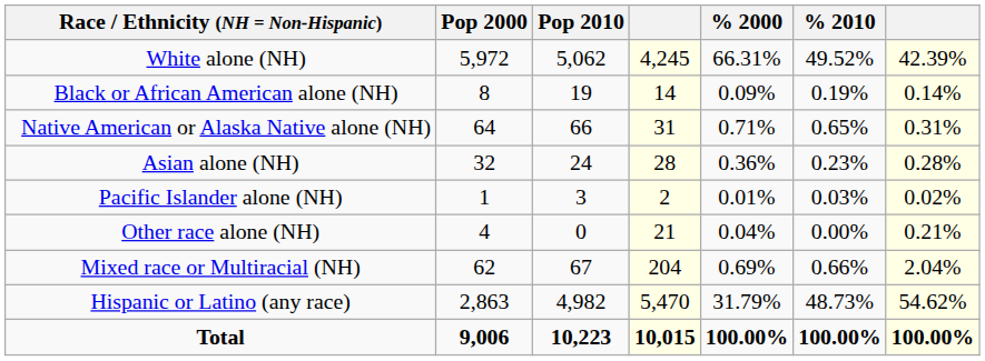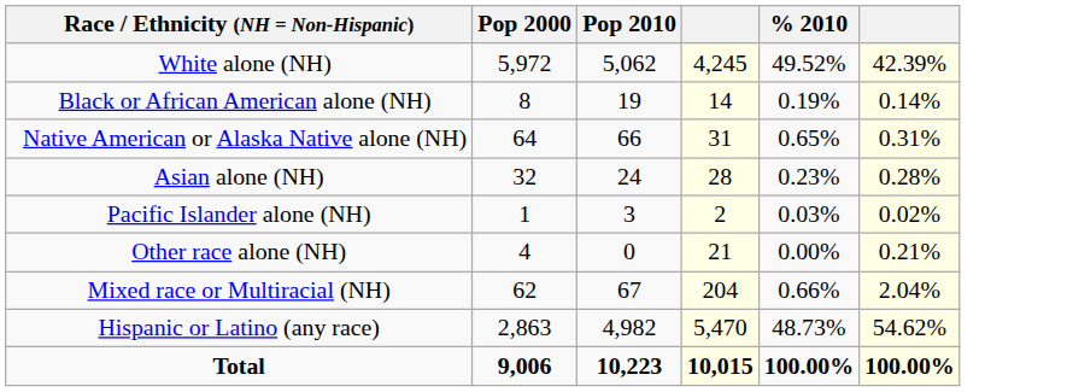 <table class="wikitable" style="text-align:center;">
 <tr>
 <th>Race / Ethnicity <small>(<em>NH = Non-Hispanic</em>)</small></th>
 <th>Pop 2000</th>
 <th>Pop 2010</th>
 <th></th>
-<th>% 2000</th>
 <th>% 2010</th>
 <th></th>
 </tr>
 <tr>
 <td>  <a href='#'>White</a> alone (NH)</td>
 <td>5,972</td>
 <td>5,062</td>
 <td style='background: #ffffe6;'>4,245</td>
-<td>66.31%</td>
 <td>49.52%</td>
 <td style='background: #ffffe6;'>42.39%</td>
 </tr>
 <tr>
 <td>  <a href='#'>Black or African American</a> alone (NH)</td>
 <td>8</td>
 <td>19</td>
 <td style='background: #ffffe6;'>14</td>
-<td>0.09%</td>
 <td>0.19%</td>
 <td style='background: #ffffe6;'>0.14%</td>
 </tr>
 <tr>
 <td>  <a href='#'>Native American</a> or <a href='#'>Alaska Native</a> alone (NH)</td>
 <td>64</td>
 <td>66</td>
 <td style='background: #ffffe6;'>31</td>
-<td>0.71%</td>
 <td>0.65%</td>
 <td style='background: #ffffe6;'>0.31%</td>
 </tr>
 <tr>
 <td><a href='#'>Asian</a> alone (NH)</td>
 <td>32</td>
 <td>24</td>
 <td style='background: #ffffe6;'>28</td>
-<td>0.36%</td>
 <td>0.23%</td>
 <td style='background: #ffffe6;'>0.28%</td>
 </tr>
 <tr>
 <td><a href='#'>Pacific Islander</a> alone (NH)</td>
 <td>1</td>
 <td>3</td>
 <td style='background: #ffffe6;'>2</td>
-<td>0.01%</td>
 <td>0.03%</td>
 <td style='background: #ffffe6;'>0.02%</td>
 </tr>
 <tr>
 <td><a href='#'>Other race</a> alone (NH)</td>
 <td>4</td>
 <td>0</td>
 <td style='background: #ffffe6;'>21</td>
-<td>0.04%</td>
 <td>0.00%</td>
 <td style='background: #ffffe6;'>0.21%</td>
 </tr>
 <tr>
 <td><a href='#'>Mixed race or Multiracial</a> (NH)</td>
 <td>62</td>
 <td>67</td>
 <td style='background: #ffffe6;'>204</td>
-<td>0.69%</td>
 <td>0.66%</td>
 <td style='background: #ffffe6;'>2.04%</td>
 </tr>
 <tr>
 <td><a href='#'>Hispanic or Latino</a> (any race)</td>
 <td>2,863</td>
 <td>4,982</td>
 <td style='background: #ffffe6;'>5,470</td>
-<td>31.79%</td>
 <td>48.73%</td>
 <td style='background: #ffffe6;'>54.62%</td>
 </tr>
 <tr>
 <td><strong>Total</strong></td>
 <td><strong>9,006</strong></td>
 <td><strong>10,223</strong></td>
 <td style='background: #ffffe6;'><strong>10,015</strong></td>
 <td><strong>100.00%</strong></td>
-<td><strong>100.00%</strong></td>
 <td style='background: #ffffe6;'><strong>100.00%</strong></td>
 </tr>
 </table>
